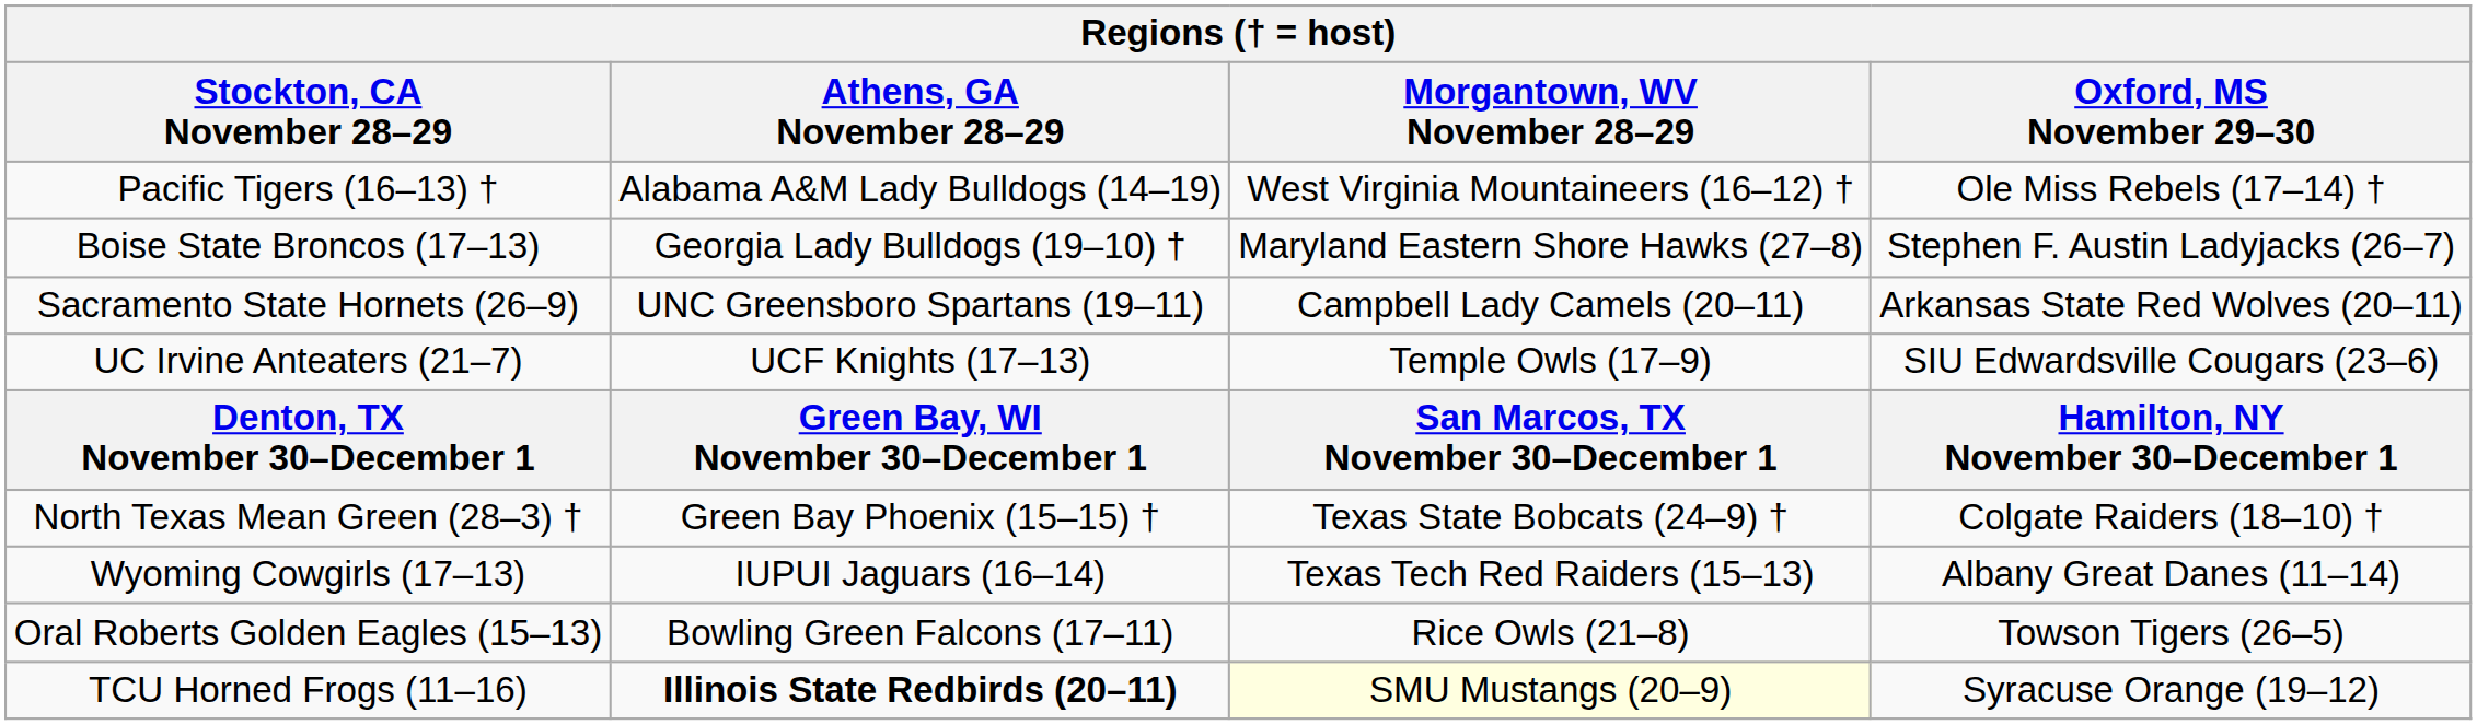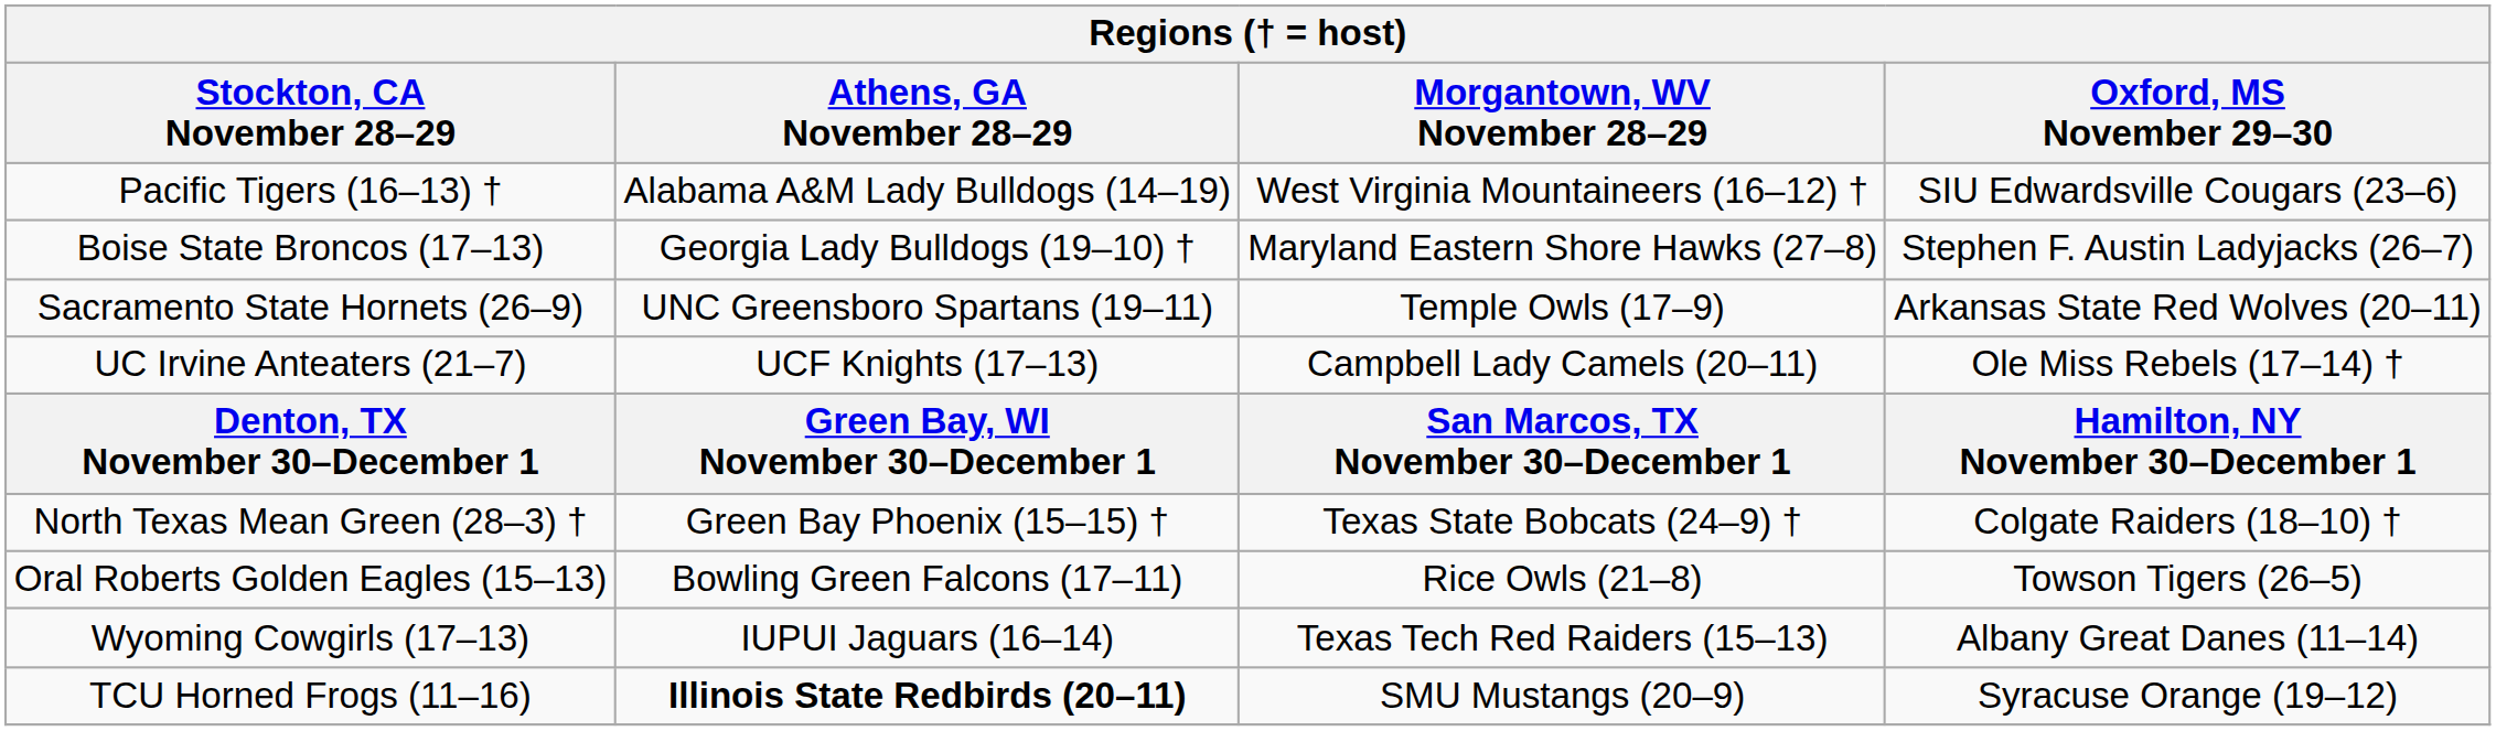 <table class="wikitable" style="text-align:center; text-width:90%;">
 <tr>
 <th colspan="4"><strong>Regions</strong> († = host)</th>
 </tr>
 <tr>
 <th><a href='#'>Stockton, CA</a><br>November 28–29</th>
 <th><a href='#'>Athens, GA</a><br>November 28–29</th>
 <th><a href='#'>Morgantown, WV</a><br>November 28–29</th>
 <th><a href='#'>Oxford, MS</a><br>November 29–30</th>
 </tr>
 <tr>
 <td>Pacific Tigers (16–13) †</td>
 <td>Alabama A&M Lady Bulldogs (14–19)</td>
 <td>West Virginia Mountaineers (16–12) †</td>
-<td>Ole Miss Rebels (17–14) †</td>
+<td>SIU Edwardsville Cougars (23–6)</td>
 </tr>
 <tr>
 <td>Boise State Broncos (17–13)</td>
 <td>Georgia Lady Bulldogs (19–10) †</td>
 <td>Maryland Eastern Shore Hawks (27–8)</td>
 <td>Stephen F. Austin Ladyjacks (26–7)</td>
 </tr>
 <tr>
 <td>Sacramento State Hornets (26–9)</td>
 <td>UNC Greensboro Spartans (19–11)</td>
-<td>Campbell Lady Camels (20–11)</td>
+<td>Temple Owls (17–9)</td>
 <td>Arkansas State Red Wolves (20–11)</td>
 </tr>
 <tr>
 <td>UC Irvine Anteaters (21–7)</td>
 <td>UCF Knights (17–13)</td>
-<td>Temple Owls (17–9)</td>
-<td>SIU Edwardsville Cougars (23–6)</td>
+<td>Campbell Lady Camels (20–11)</td>
+<td>Ole Miss Rebels (17–14) †</td>
 </tr>
 <tr>
 <th><a href='#'>Denton, TX</a><br>November 30–December 1</th>
 <th><a href='#'>Green Bay, WI</a><br>November 30–December 1</th>
 <th><a href='#'>San Marcos, TX</a><br>November 30–December 1</th>
 <th><a href='#'>Hamilton, NY</a><br>November 30–December 1</th>
 </tr>
 <tr>
 <td>North Texas Mean Green (28–3) †</td>
 <td>Green Bay Phoenix (15–15) †</td>
 <td>Texas State Bobcats (24–9) †</td>
 <td>Colgate Raiders (18–10) †</td>
 </tr>
 <tr>
+<td>Oral Roberts Golden Eagles (15–13)</td>
+<td>Bowling Green Falcons (17–11)</td>
+<td>Rice Owls (21–8)</td>
+<td>Towson Tigers (26–5)</td>
+</tr>
+<tr>
 <td>Wyoming Cowgirls (17–13)</td>
 <td>IUPUI Jaguars (16–14)</td>
 <td>Texas Tech Red Raiders (15–13)</td>
 <td>Albany Great Danes (11–14)</td>
 </tr>
 <tr>
-<td>Oral Roberts Golden Eagles (15–13)</td>
-<td>Bowling Green Falcons (17–11)</td>
-<td>Rice Owls (21–8)</td>
-<td>Towson Tigers (26–5)</td>
-</tr>
-<tr>
 <td>TCU Horned Frogs (11–16)</td>
 <td><strong>Illinois State Redbirds (20–11)</strong></td>
-<td style="background: lightyellow;">SMU Mustangs (20–9)</td>
+<td>SMU Mustangs (20–9)</td>
 <td>Syracuse Orange (19–12)</td>
 </tr>
 <tr>
 </tr>
 </table>
